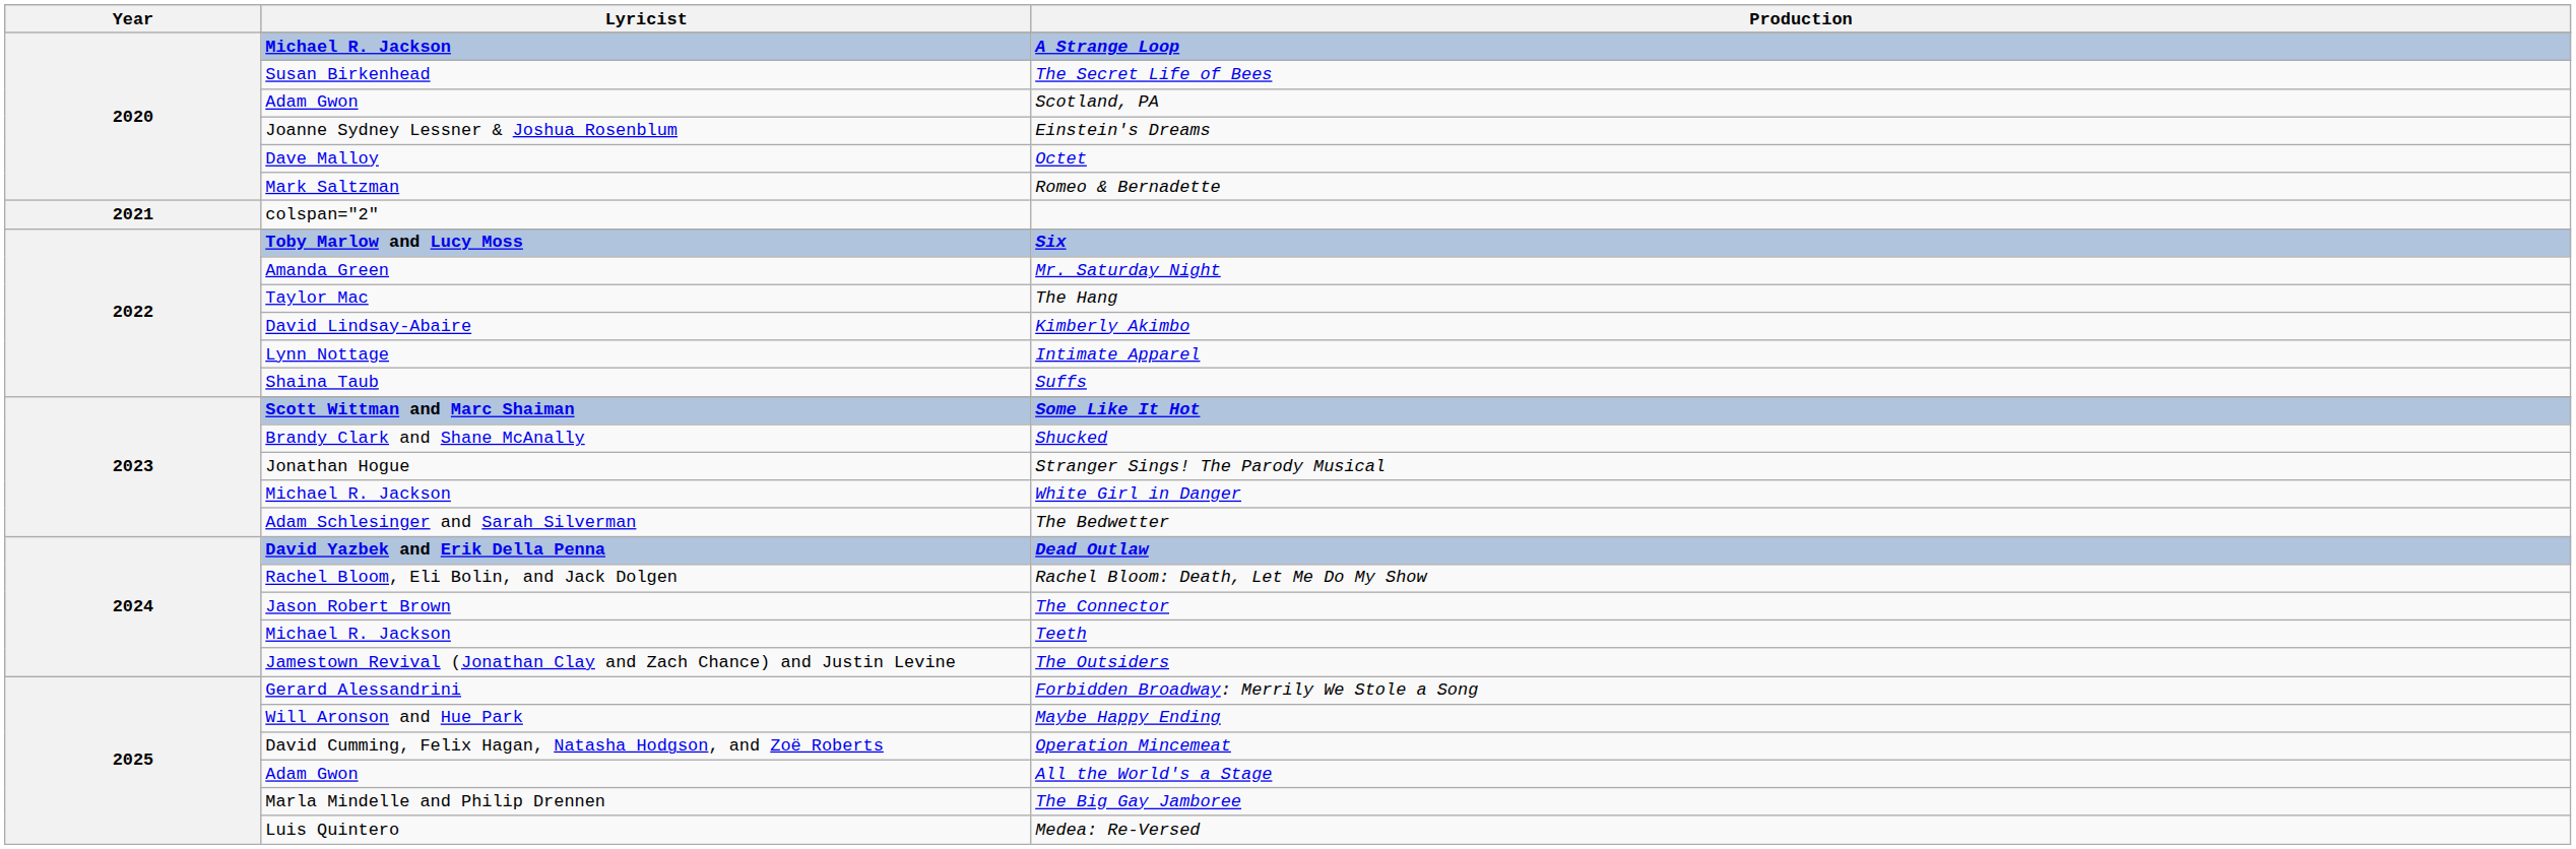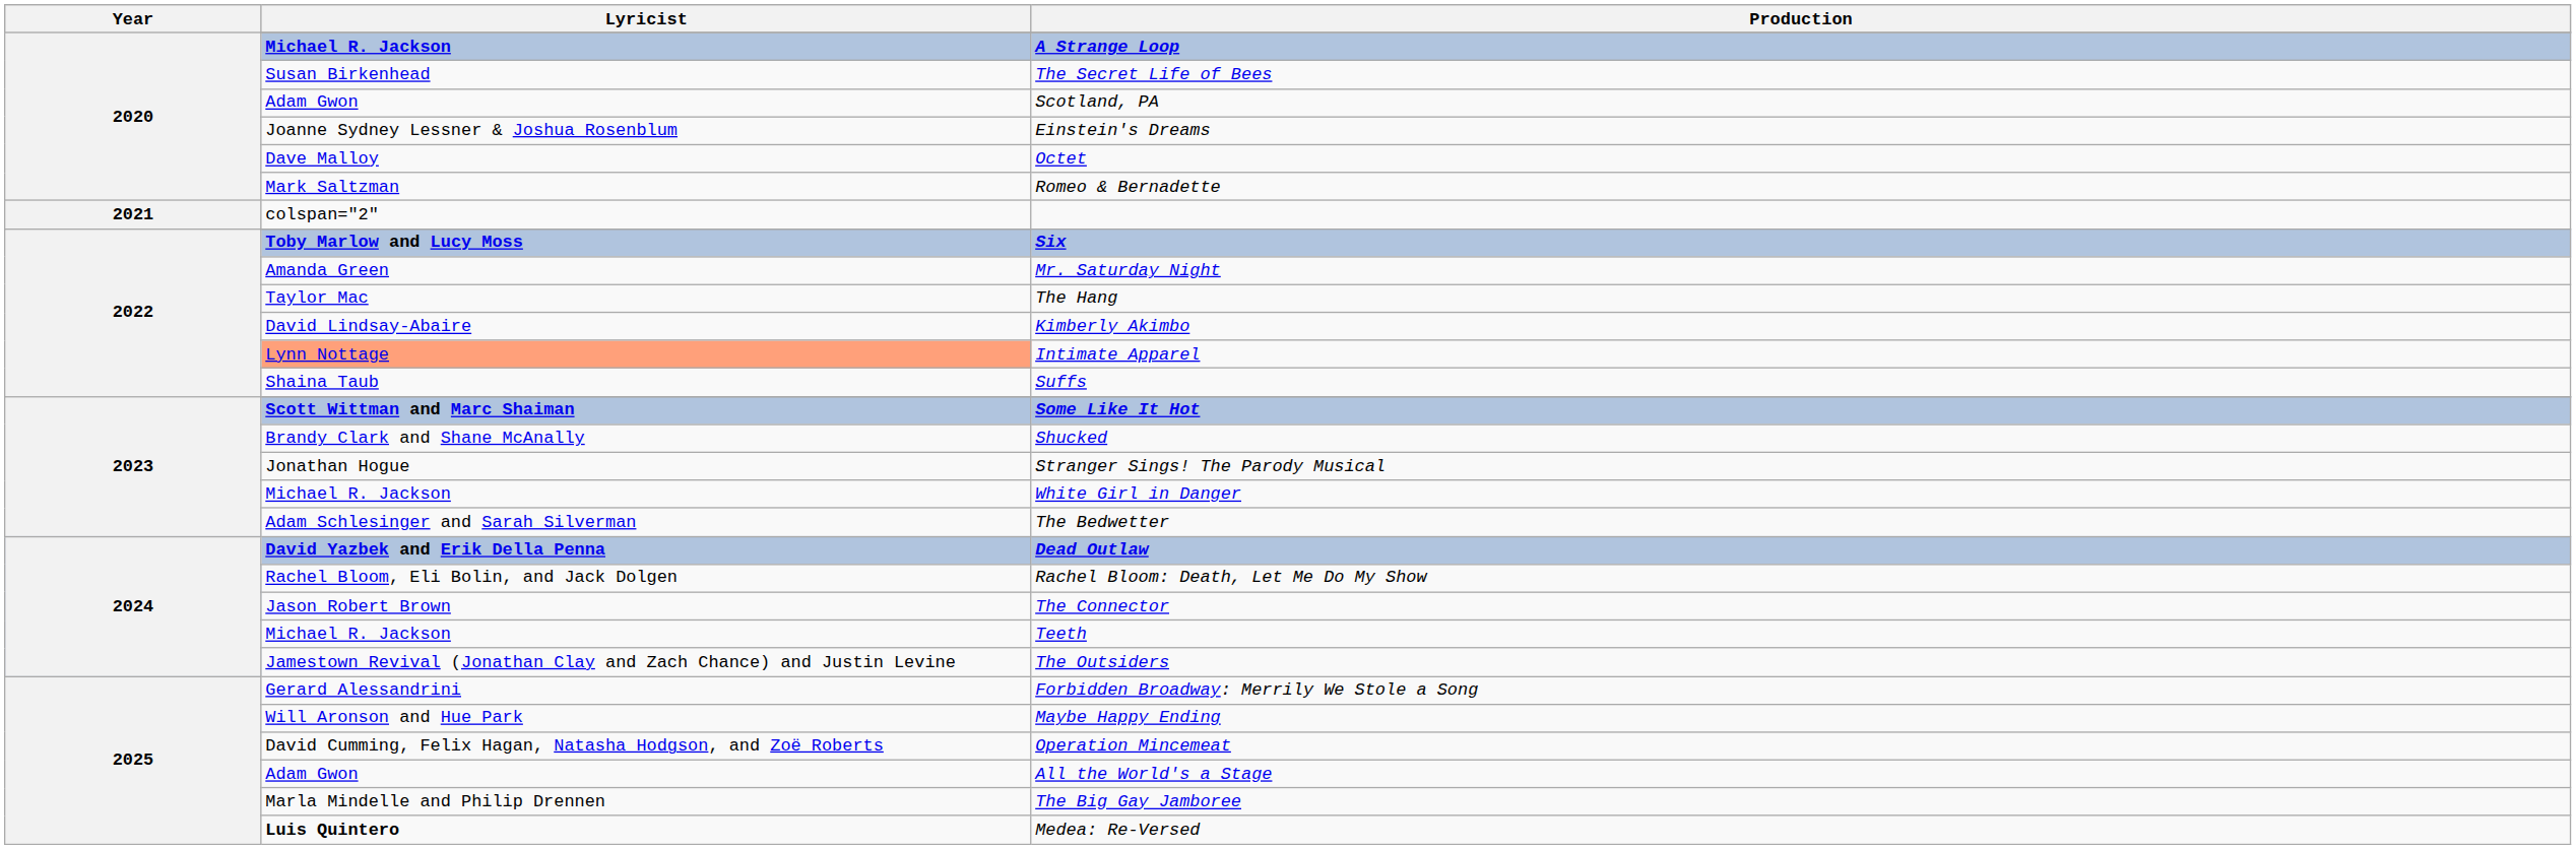 <table class="wikitable" style="width:98%;">
 <tr style="background:#bebebe;">
 <th style="width:10%;">Year</th>
 <th style="width:30%;">Lyricist</th>
 <th style="width:60%;">Production</th>
 </tr>
 <tr>
 <th rowspan="7">2020</th>
 </tr>
 <tr style="background:#B0C4DE">
 <td><strong><a href='#'>Michael R. Jackson</a></strong></td>
 <td><strong><em><a href='#'>A Strange Loop</a></em></strong></td>
 </tr>
 <tr>
 <td><a href='#'>Susan Birkenhead</a></td>
 <td><em><a href='#'>The Secret Life of Bees</a></em></td>
 </tr>
 <tr>
 <td><a href='#'>Adam Gwon</a></td>
 <td><em>Scotland, PA</em></td>
 </tr>
 <tr>
 <td>Joanne Sydney Lessner & <a href='#'>Joshua Rosenblum</a></td>
 <td><em>Einstein's Dreams</em></td>
 </tr>
 <tr>
 <td><a href='#'>Dave Malloy</a></td>
 <td><em><a href='#'>Octet</a></em></td>
 </tr>
 <tr>
 <td><a href='#'>Mark Saltzman</a></td>
 <td><em>Romeo & Bernadette</em></td>
 </tr>
 <tr>
 <th>2021</th>
 <td>colspan="2" </td>
 </tr>
 <tr>
 <th rowspan="7">2022</th>
 </tr>
 <tr style="background:#B0C4DE">
 <td><strong><a href='#'>Toby Marlow</a> and <a href='#'>Lucy Moss</a></strong></td>
 <td><strong><em><a href='#'>Six</a></em></strong></td>
 </tr>
 <tr>
 <td><a href='#'>Amanda Green</a></td>
 <td><em><a href='#'>Mr. Saturday Night</a></em></td>
 </tr>
 <tr>
 <td><a href='#'>Taylor Mac</a></td>
 <td><em>The Hang</em></td>
 </tr>
 <tr>
 <td><a href='#'>David Lindsay-Abaire</a></td>
 <td><em><a href='#'>Kimberly Akimbo</a></em></td>
 </tr>
 <tr>
-<td><a href='#'>Lynn Nottage</a></td>
+<td style="background: lightsalmon;"><a href='#'>Lynn Nottage</a></td>
 <td><em><a href='#'>Intimate Apparel</a></em></td>
 </tr>
 <tr>
 <td><a href='#'>Shaina Taub</a></td>
 <td><em><a href='#'>Suffs</a></em></td>
 </tr>
 <tr>
 <th rowspan="6">2023</th>
 </tr>
 <tr style="background:#B0C4DE">
 <td><strong><a href='#'>Scott Wittman</a> and <a href='#'>Marc Shaiman</a></strong></td>
 <td><strong><em><a href='#'>Some Like It Hot</a></em></strong></td>
 </tr>
 <tr>
 <td><a href='#'>Brandy Clark</a> and <a href='#'>Shane McAnally</a></td>
 <td><em><a href='#'>Shucked</a></em></td>
 </tr>
 <tr>
 <td>Jonathan Hogue</td>
 <td><em>Stranger Sings! The Parody Musical</em></td>
 </tr>
 <tr>
 <td><a href='#'>Michael R. Jackson</a></td>
 <td><em><a href='#'>White Girl in Danger</a></em></td>
 </tr>
 <tr>
 <td><a href='#'>Adam Schlesinger</a> and <a href='#'>Sarah Silverman</a></td>
 <td><em>The Bedwetter</em></td>
 </tr>
 <tr style="background:#B0C4DE">
 <th rowspan="5">2024</th>
 <td><strong><a href='#'>David Yazbek</a> and <a href='#'>Erik Della Penna</a></strong></td>
 <td><strong><em><a href='#'>Dead Outlaw</a></em></strong></td>
 </tr>
 <tr>
 <td><a href='#'>Rachel Bloom</a>, Eli Bolin, and Jack Dolgen</td>
 <td><em>Rachel Bloom: Death, Let Me Do My Show</em></td>
 </tr>
 <tr>
 <td><a href='#'>Jason Robert Brown</a></td>
 <td><em><a href='#'>The Connector</a></em></td>
 </tr>
 <tr>
 <td><a href='#'>Michael R. Jackson</a></td>
 <td><em><a href='#'>Teeth</a></em></td>
 </tr>
 <tr>
 <td><a href='#'>Jamestown Revival</a> (<a href='#'>Jonathan Clay</a> and Zach Chance) and Justin Levine</td>
 <td><em><a href='#'>The Outsiders</a></em></td>
 </tr>
 <tr>
 <th rowspan=6>2025</th>
 <td><a href='#'>Gerard Alessandrini</a></td>
 <td><em><a href='#'>Forbidden Broadway</a>: Merrily We Stole a Song</em></td>
 </tr>
 <tr>
 <td><a href='#'>Will Aronson</a> and <a href='#'>Hue Park</a></td>
 <td><em><a href='#'>Maybe Happy Ending</a></em></td>
 </tr>
 <tr>
 <td>David Cumming, Felix Hagan, <a href='#'>Natasha Hodgson</a>, and <a href='#'>Zoë Roberts</a></td>
 <td><em><a href='#'>Operation Mincemeat</a></em></td>
 </tr>
 <tr>
 <td><a href='#'>Adam Gwon</a></td>
 <td><em><a href='#'>All the World's a Stage</a></em></td>
 </tr>
 <tr>
 <td>Marla Mindelle and Philip Drennen</td>
 <td><em><a href='#'>The Big Gay Jamboree</a></em></td>
 </tr>
 <tr>
-<td>Luis Quintero</td>
+<td><strong>Luis Quintero</strong></td>
 <td><em>Medea: Re-Versed</em></td>
 </tr>
 </table>
